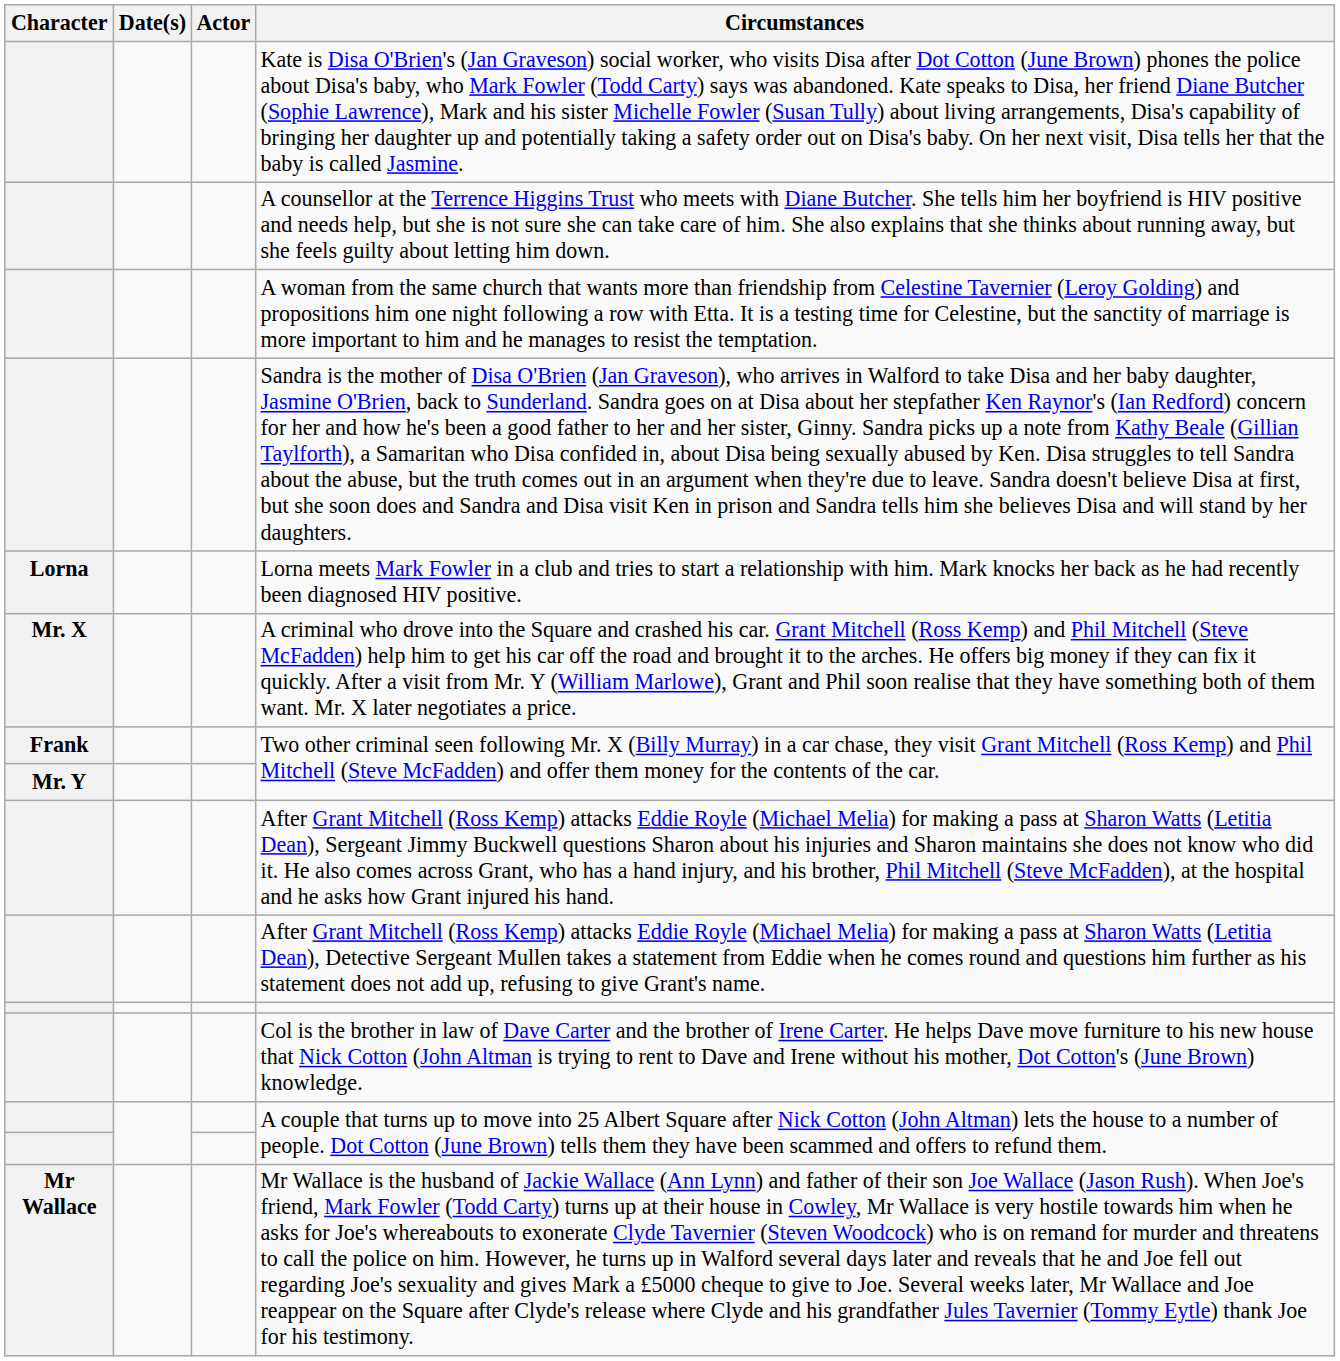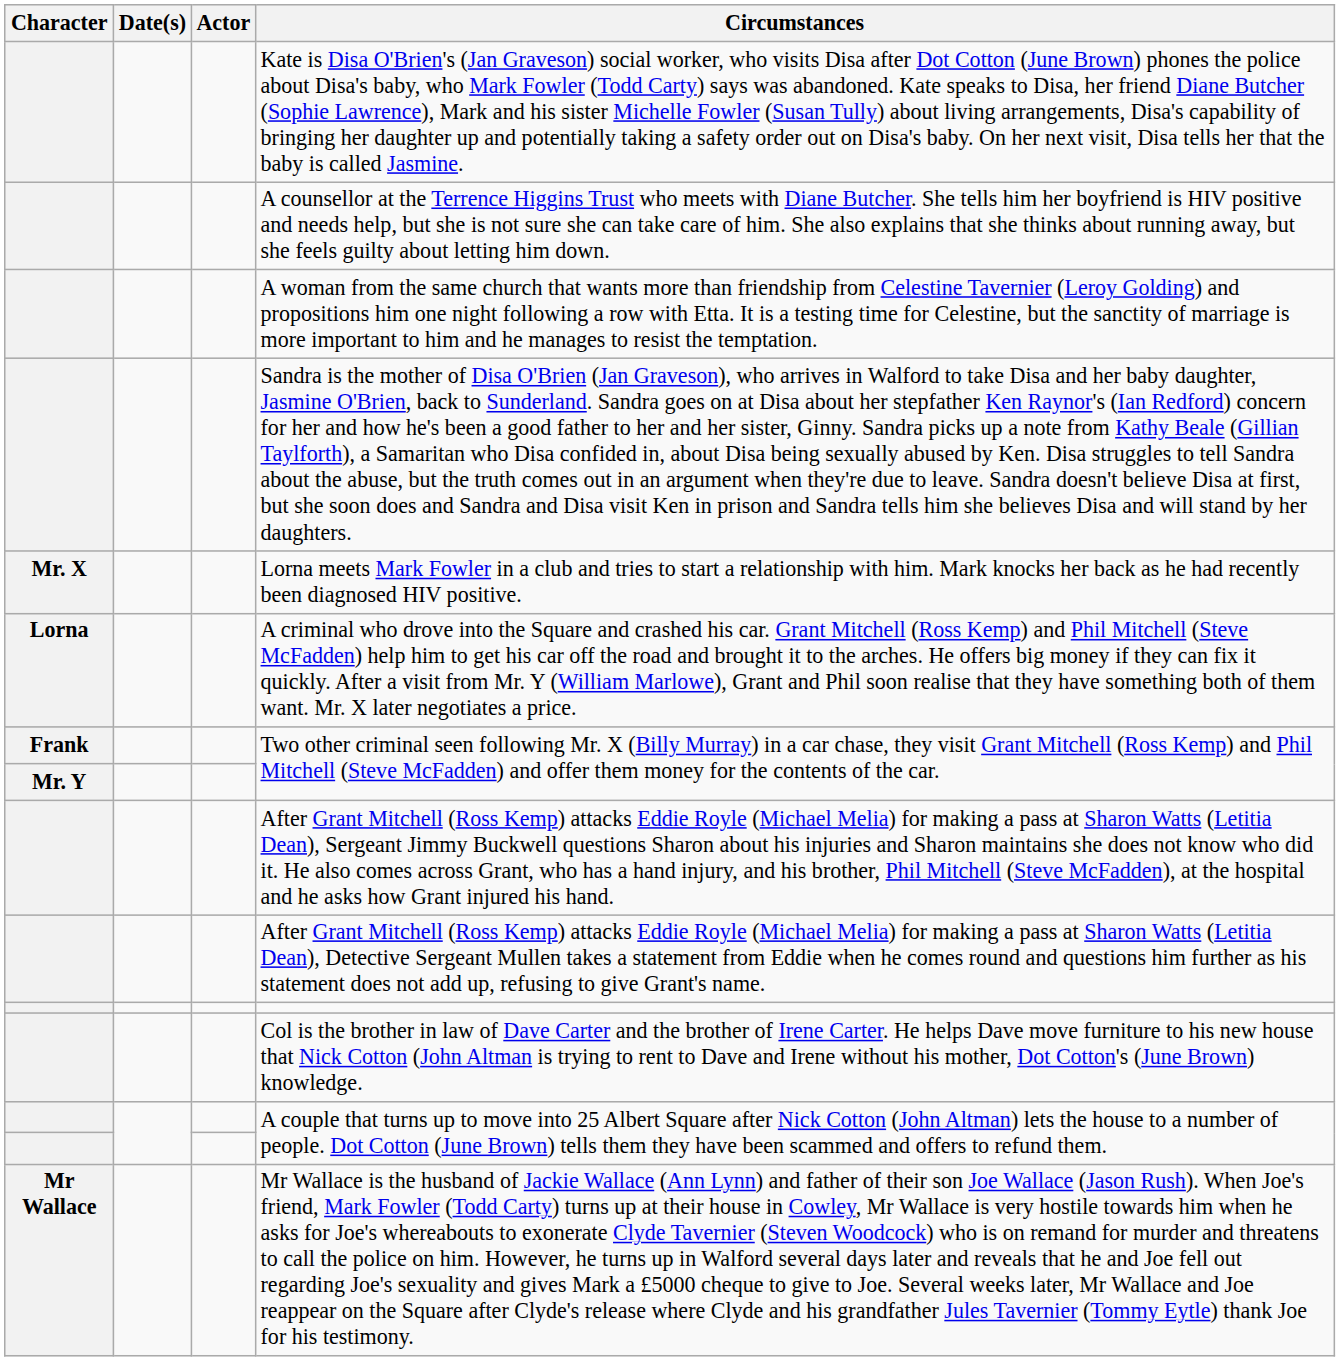 <table class="wikitable plainrowheaders" style="font-size:90%">
 <tr>
 <th scope="col">Character</th>
 <th scope="col">Date(s)</th>
 <th scope="col">Actor</th>
 <th scope="col">Circumstances</th>
 </tr>
 <tr valign="top">
 <th scope="row"></th>
 <td></td>
 <td></td>
 <td>Kate is <a href='#'>Disa O'Brien</a>'s (<a href='#'>Jan Graveson</a>) social worker, who visits Disa after <a href='#'>Dot Cotton</a> (<a href='#'>June Brown</a>) phones the police about Disa's baby, who <a href='#'>Mark Fowler</a> (<a href='#'>Todd Carty</a>) says was abandoned. Kate speaks to Disa, her friend <a href='#'>Diane Butcher</a> (<a href='#'>Sophie Lawrence</a>), Mark and his sister <a href='#'>Michelle Fowler</a> (<a href='#'>Susan Tully</a>) about living arrangements, Disa's capability of bringing her daughter up and potentially taking a safety order out on Disa's baby. On her next visit, Disa tells her that the baby is called <a href='#'>Jasmine</a>.</td>
 </tr>
 <tr valign="top">
 <th scope="row"></th>
 <td></td>
 <td></td>
 <td>A counsellor at the <a href='#'>Terrence Higgins Trust</a> who meets with <a href='#'>Diane Butcher</a>. She tells him her boyfriend is HIV positive and needs help, but she is not sure she can take care of him. She also explains that she thinks about running away, but she feels guilty about letting him down.</td>
 </tr>
 <tr valign="top">
 <th scope="row"></th>
 <td></td>
 <td></td>
 <td>A woman from the same church that wants more than friendship from <a href='#'>Celestine Tavernier</a> (<a href='#'>Leroy Golding</a>) and propositions him one night following a row with Etta. It is a testing time for Celestine, but the sanctity of marriage is more important to him and he manages to resist the temptation.</td>
 </tr>
 <tr valign="top">
 <th scope="row"></th>
 <td></td>
 <td></td>
 <td>Sandra is the mother of <a href='#'>Disa O'Brien</a> (<a href='#'>Jan Graveson</a>), who arrives in Walford to take Disa and her baby daughter, <a href='#'>Jasmine O'Brien</a>, back to <a href='#'>Sunderland</a>. Sandra goes on at Disa about her stepfather <a href='#'>Ken Raynor</a>'s (<a href='#'>Ian Redford</a>) concern for her and how he's been a good father to her and her sister, Ginny. Sandra picks up a note from <a href='#'>Kathy Beale</a> (<a href='#'>Gillian Taylforth</a>), a Samaritan who Disa confided in, about Disa being sexually abused by Ken. Disa struggles to tell Sandra about the abuse, but the truth comes out in an argument when they're due to leave. Sandra doesn't believe Disa at first, but she soon does and Sandra and Disa visit Ken in prison and Sandra tells him she believes Disa and will stand by her daughters.</td>
 </tr>
 <tr valign="top">
-<th scope="row">Lorna</th>
+<th scope="row">Mr. X</th>
 <td></td>
 <td></td>
 <td>Lorna meets <a href='#'>Mark Fowler</a> in a club and tries to start a relationship with him. Mark knocks her back as he had recently been diagnosed HIV positive.</td>
 </tr>
 <tr valign="top">
-<th scope="row">Mr. X</th>
+<th scope="row">Lorna</th>
 <td></td>
 <td></td>
 <td>A criminal who drove into the Square and crashed his car. <a href='#'>Grant Mitchell</a> (<a href='#'>Ross Kemp</a>) and <a href='#'>Phil Mitchell</a> (<a href='#'>Steve McFadden</a>) help him to get his car off the road and brought it to the arches. He offers big money if they can fix it quickly. After a visit from Mr. Y (<a href='#'>William Marlowe</a>), Grant and Phil soon realise that they have something both of them want. Mr. X later negotiates a price.</td>
 </tr>
 <tr valign="top">
 <th scope="row">Frank </th>
 <td></td>
 <td></td>
 <td rowspan="2">Two other criminal seen following Mr. X (<a href='#'>Billy Murray</a>) in a car chase, they visit <a href='#'>Grant Mitchell</a> (<a href='#'>Ross Kemp</a>) and <a href='#'>Phil Mitchell</a> (<a href='#'>Steve McFadden</a>) and offer them money for the contents of the car.</td>
 </tr>
 <tr valign="top">
 <th scope="row">Mr. Y</th>
 <td></td>
 <td></td>
 </tr>
 <tr valign="top">
 <th scope="row"></th>
 <td></td>
 <td></td>
 <td>After <a href='#'>Grant Mitchell</a> (<a href='#'>Ross Kemp</a>) attacks <a href='#'>Eddie Royle</a> (<a href='#'>Michael Melia</a>) for making a pass at <a href='#'>Sharon Watts</a> (<a href='#'>Letitia Dean</a>), Sergeant Jimmy Buckwell questions Sharon about his injuries and Sharon maintains she does not know who did it. He also comes across Grant, who has a hand injury, and his brother, <a href='#'>Phil Mitchell</a> (<a href='#'>Steve McFadden</a>), at the hospital and he asks how Grant injured his hand.</td>
 </tr>
 <tr valign="top">
 <th scope="row"></th>
 <td></td>
 <td></td>
 <td>After <a href='#'>Grant Mitchell</a> (<a href='#'>Ross Kemp</a>) attacks <a href='#'>Eddie Royle</a> (<a href='#'>Michael Melia</a>) for making a pass at <a href='#'>Sharon Watts</a> (<a href='#'>Letitia Dean</a>), Detective Sergeant Mullen takes a statement from Eddie when he comes round and questions him further as his statement does not add up, refusing to give Grant's name.</td>
 </tr>
 <tr valign="top">
 <th scope="row"></th>
 <td></td>
 <td></td>
 <td></td>
 </tr>
 <tr valign="top">
 <th scope="row"></th>
 <td></td>
 <td></td>
 <td>Col is the brother in law of <a href='#'>Dave Carter</a> and the brother of <a href='#'>Irene Carter</a>. He helps Dave move furniture to his new house that <a href='#'>Nick Cotton</a> (<a href='#'>John Altman</a> is trying to rent to Dave and Irene without his mother, <a href='#'>Dot Cotton</a>'s (<a href='#'>June Brown</a>) knowledge.</td>
 </tr>
 <tr valign="top">
 <th scope="row"></th>
 <td rowspan="2"></td>
 <td></td>
 <td rowspan="2">A couple that turns up to move into 25 Albert Square after <a href='#'>Nick Cotton</a> (<a href='#'>John Altman</a>) lets the house to a number of people. <a href='#'>Dot Cotton</a> (<a href='#'>June Brown</a>) tells them they have been scammed and offers to refund them.</td>
 </tr>
 <tr valign="top">
 <th scope="row"></th>
 <td></td>
 </tr>
 <tr valign="top">
 <th scope="row">Mr Wallace</th>
 <td></td>
 <td></td>
 <td>Mr Wallace is the husband of <a href='#'>Jackie Wallace</a> (<a href='#'>Ann Lynn</a>) and father of their son <a href='#'>Joe Wallace</a> (<a href='#'>Jason Rush</a>). When Joe's friend, <a href='#'>Mark Fowler</a> (<a href='#'>Todd Carty</a>) turns up at their house in <a href='#'>Cowley</a>, Mr Wallace is very hostile towards him when he asks for Joe's whereabouts to exonerate <a href='#'>Clyde Tavernier</a> (<a href='#'>Steven Woodcock</a>) who is on remand for murder and threatens to call the police on him. However, he turns up in Walford several days later and reveals that he and Joe fell out regarding Joe's sexuality and gives Mark a £5000 cheque to give to Joe. Several weeks later, Mr Wallace and Joe reappear on the Square after Clyde's release where Clyde and his grandfather <a href='#'>Jules Tavernier</a> (<a href='#'>Tommy Eytle</a>) thank Joe for his testimony.</td>
 </tr>
 </table>
